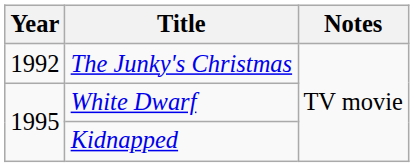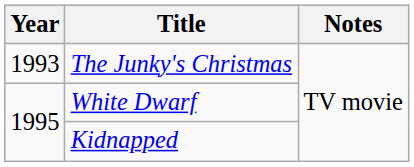 <table class="wikitable" style="float:left; margin-right:2em">
 <tr>
 <th>Year</th>
 <th>Title</th>
 <th>Notes</th>
 </tr>
 <tr>
-<td>1992</td>
+<td>1993</td>
 <td><em><a href='#'>The Junky's Christmas</a></em></td>
 <td rowspan="3">TV movie</td>
 </tr>
 <tr>
 <td rowspan="2">1995</td>
 <td><em><a href='#'>White Dwarf</a></em></td>
 </tr>
 <tr>
 <td><em><a href='#'>Kidnapped</a></em></td>
 </tr>
 </table>
